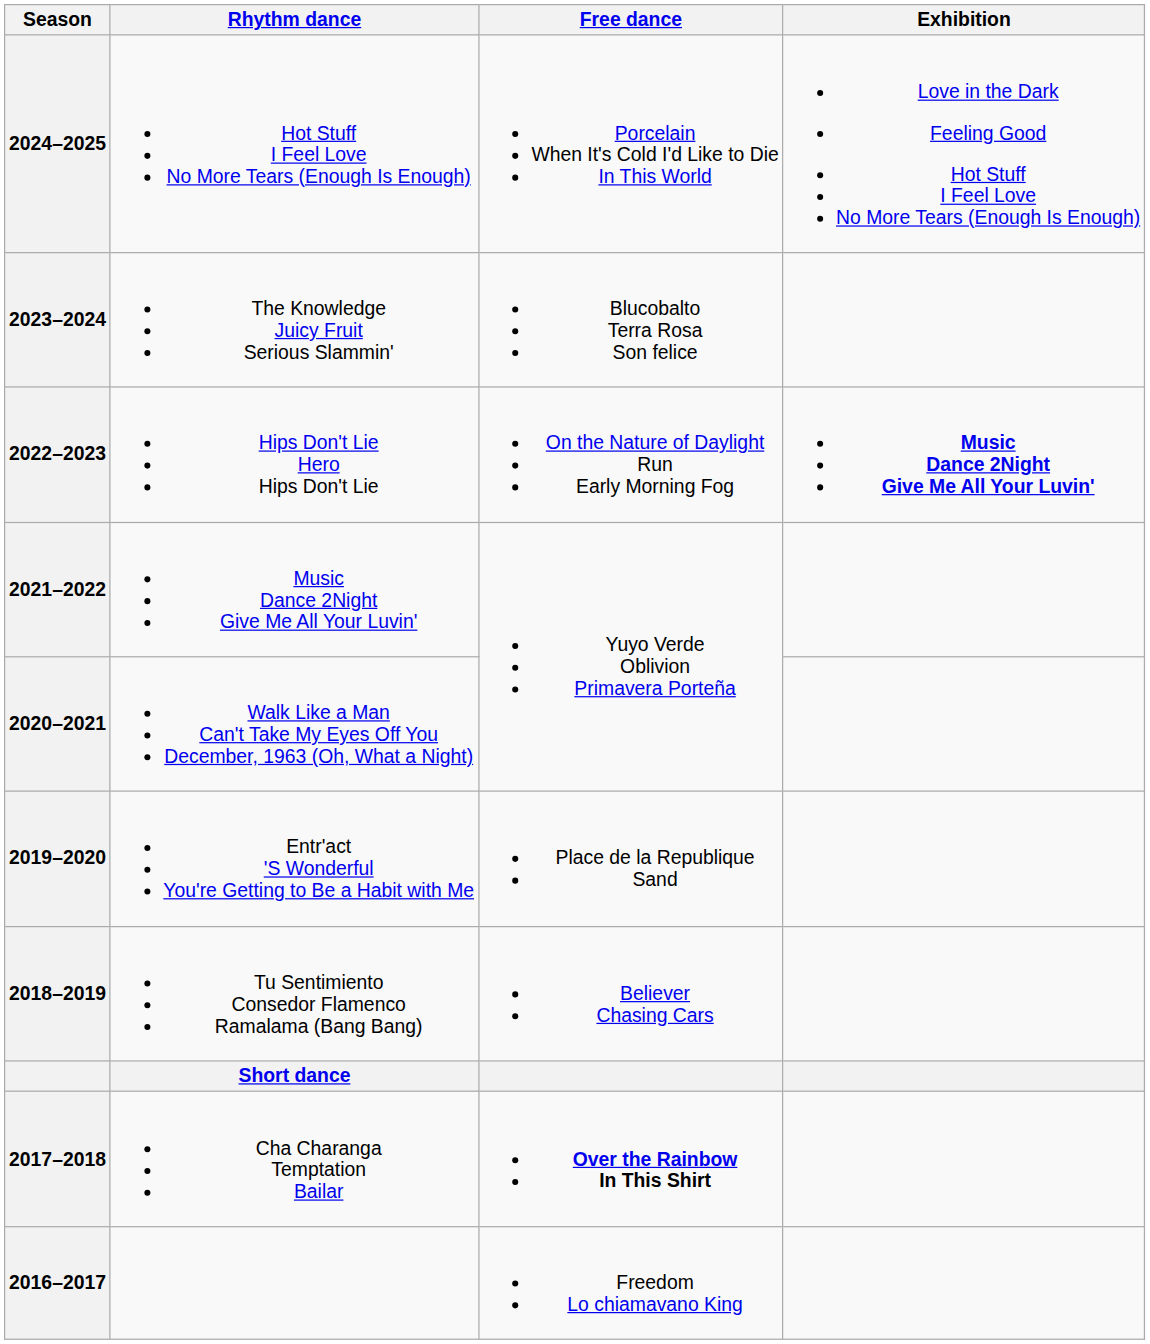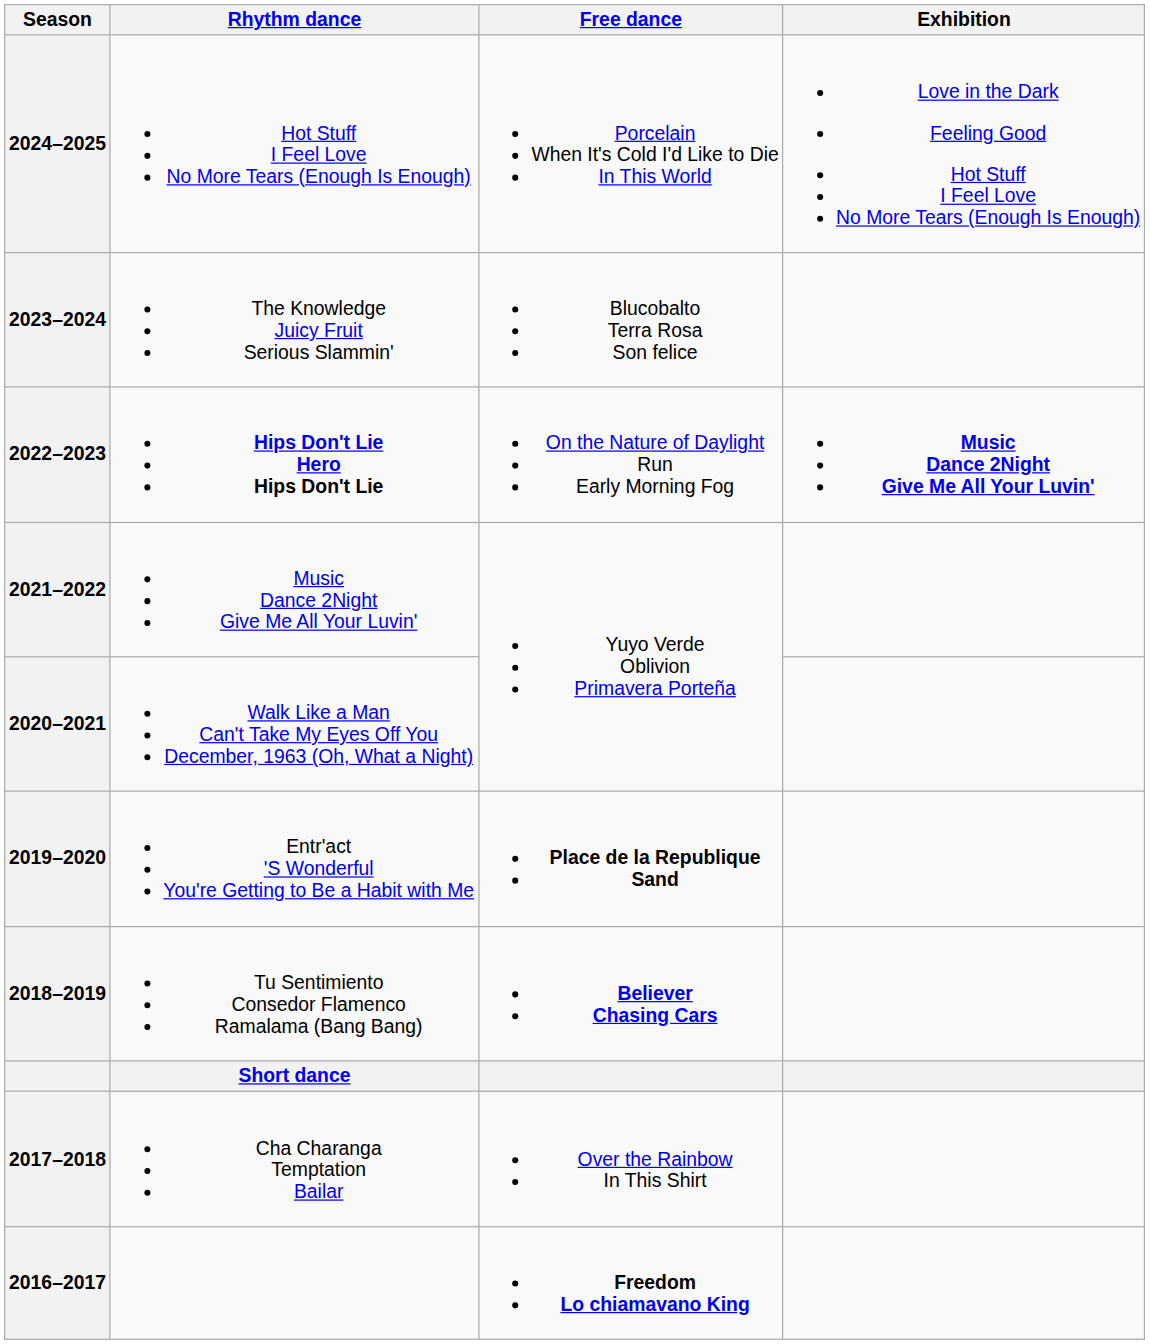 <table class=wikitable style=text-align:center>
 <tr>
 <th>Season</th>
 <th><a href='#'>Rhythm dance</a></th>
 <th><a href='#'>Free dance</a></th>
 <th>Exhibition</th>
 </tr>
 <tr>
 <th>2024–2025 <br> </th>
 <td><br><ul><li><a href='#'>Hot Stuff</a></li><li><a href='#'>I Feel Love</a> <br> </li><li><a href='#'>No More Tears (Enough Is Enough)</a> <br> </li></ul></td>
 <td><br><ul><li><a href='#'>Porcelain</a></li><li>When It's Cold I'd Like to Die</li><li><a href='#'>In This World</a> <br> </li></ul></td>
 <td><br><ul><li><a href='#'>Love in the Dark</a> <br> </li></ul><ul><li><a href='#'>Feeling Good</a> <br> </li></ul><ul><li><a href='#'>Hot Stuff</a></li><li><a href='#'>I Feel Love</a> <br> </li><li><a href='#'>No More Tears (Enough Is Enough)</a> <br> </li></ul></td>
 </tr>
 <tr>
 <th>2023–2024 <br> </th>
 <td><br><ul><li>The Knowledge <br> </li><li><a href='#'>Juicy Fruit</a> <br> </li><li>Serious Slammin' <br> </li></ul></td>
 <td><br><ul><li>Blucobalto <br> </li><li>Terra Rosa <br> </li><li>Son felice <br> </li></ul></td>
 <td></td>
 </tr>
 <tr>
 <th>2022–2023 <br> </th>
-<td><br><ul><li> <a href='#'>Hips Don't Lie</a> <br> </li><li> <a href='#'>Hero</a> <br> </li><li> Hips Don't Lie <br> </li></ul></td>
+<td><strong><br><ul><li> <a href='#'>Hips Don't Lie</a> <br> </li><li> <a href='#'>Hero</a> <br> </li><li> Hips Don't Lie <br> </li></ul></strong></td>
 <td><br><ul><li><a href='#'>On the Nature of Daylight</a> <br> </li><li>Run <br> </li><li>Early Morning Fog <br> </li></ul></td>
 <td><strong><br><ul><li><a href='#'>Music</a></li><li><a href='#'>Dance 2Night</a> <br> </li><li><a href='#'>Give Me All Your Luvin'</a> <br></li></ul></strong></td>
 </tr>
 <tr>
 <th>2021–2022 <br> </th>
 <td><br><ul><li><a href='#'>Music</a></li><li><a href='#'>Dance 2Night</a> <br> </li><li><a href='#'>Give Me All Your Luvin'</a> <br></li></ul></td>
 <td rowspan=2><br><ul><li>Yuyo Verde <br> </li><li>Oblivion</li><li><a href='#'>Primavera Porteña</a> <br></li></ul></td>
 <td></td>
 </tr>
 <tr>
 <th>2020–2021 <br> </th>
 <td><br><ul><li> <a href='#'>Walk Like a Man</a></li><li> <a href='#'>Can't Take My Eyes Off You</a></li><li> <a href='#'>December, 1963 (Oh, What a Night)</a> <br></li></ul></td>
 <td></td>
 </tr>
 <tr>
 <th>2019–2020 <br> </th>
 <td><br><ul><li> Entr'act</li><li> <a href='#'>'S Wonderful</a> <br></li><li> <a href='#'>You're Getting to Be a Habit with Me</a> <br></li></ul></td>
-<td><br><ul><li>Place de la Republique <br></li><li>Sand <br></li></ul></td>
+<td><strong><br><ul><li>Place de la Republique <br></li><li>Sand <br></li></ul></strong></td>
 <td></td>
 </tr>
 <tr>
 <th>2018–2019 <br> </th>
 <td><br><ul><li> Tu Sentimiento <br></li><li> Consedor Flamenco</li><li> Ramalama (Bang Bang) <br></li></ul></td>
-<td><br><ul><li><a href='#'>Believer</a> <br></li><li><a href='#'>Chasing Cars</a> <br></li></ul></td>
+<td><strong><br><ul><li><a href='#'>Believer</a> <br></li><li><a href='#'>Chasing Cars</a> <br></li></ul></strong></td>
 <td></td>
 </tr>
 <tr>
 <th></th>
 <th><a href='#'>Short dance</a></th>
 <th></th>
 <th></th>
 </tr>
 <tr>
 <th>2017–2018 <br> </th>
 <td><br><ul><li> Cha Charanga <br></li><li> Temptation <br></li><li> <a href='#'>Bailar</a> <br></li></ul></td>
-<td><strong><br><ul><li><a href='#'>Over the Rainbow</a> <br></li><li>In This Shirt <br></li></ul></strong></td>
+<td><br><ul><li><a href='#'>Over the Rainbow</a> <br></li><li>In This Shirt <br></li></ul></td>
 <td></td>
 </tr>
 <tr>
 <th>2016–2017</th>
 <td></td>
-<td><br><ul><li>Freedom <br></li><li><a href='#'>Lo chiamavano King</a> <br></li></ul></td>
+<td><strong><br><ul><li>Freedom <br></li><li><a href='#'>Lo chiamavano King</a> <br></li></ul></strong></td>
 <td></td>
 </tr>
 </table>
